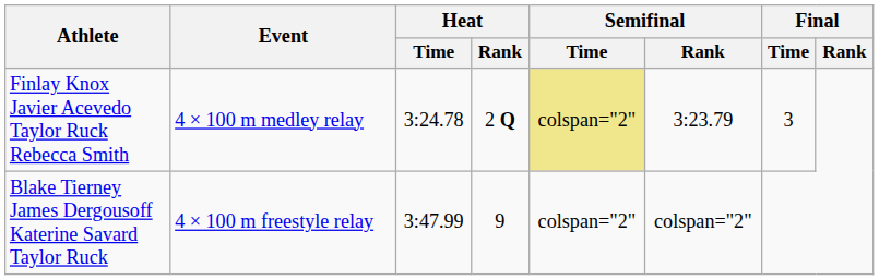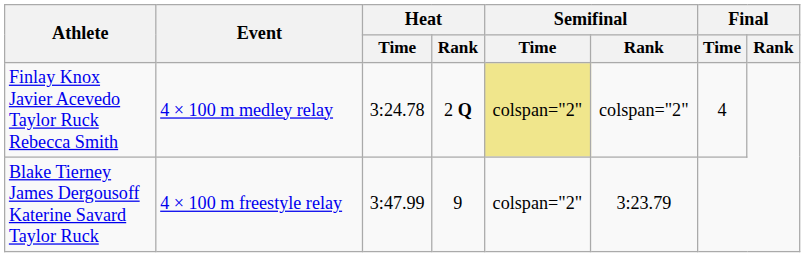 <table class="wikitable" style="text-align:center; font-size:90%; width:50%;">
 <tr>
 <th rowspan="2">Athlete</th>
 <th rowspan="2">Event</th>
 <th colspan="2">Heat</th>
 <th colspan="2">Semifinal</th>
 <th colspan="2">Final</th>
 </tr>
 <tr style="font-size:95%">
 <th>Time</th>
 <th>Rank</th>
 <th>Time</th>
 <th>Rank</th>
 <th>Time</th>
 <th>Rank</th>
 </tr>
 <tr>
 <td align=left><a href='#'>Finlay Knox</a> <br><a href='#'>Javier Acevedo</a> <br><a href='#'>Taylor Ruck</a> <br><a href='#'>Rebecca Smith</a></td>
 <td align=left><a href='#'>4 × 100 m medley relay</a></td>
 <td>3:24.78</td>
 <td>2 <strong>Q</strong></td>
 <td style="background: khaki;">colspan="2" </td>
-<td>3:23.79</td>
-<td>3</td>
+<td>colspan="2" </td>
+<td>4</td>
 </tr>
 <tr>
 <td align=left><a href='#'>Blake Tierney</a> <br><a href='#'>James Dergousoff</a> <br><a href='#'>Katerine Savard</a> <br><a href='#'>Taylor Ruck</a></td>
 <td align=left><a href='#'>4 × 100 m freestyle relay</a></td>
 <td>3:47.99</td>
 <td>9</td>
 <td>colspan="2" </td>
-<td>colspan="2" </td>
+<td>3:23.79</td>
 </tr>
 </table>
